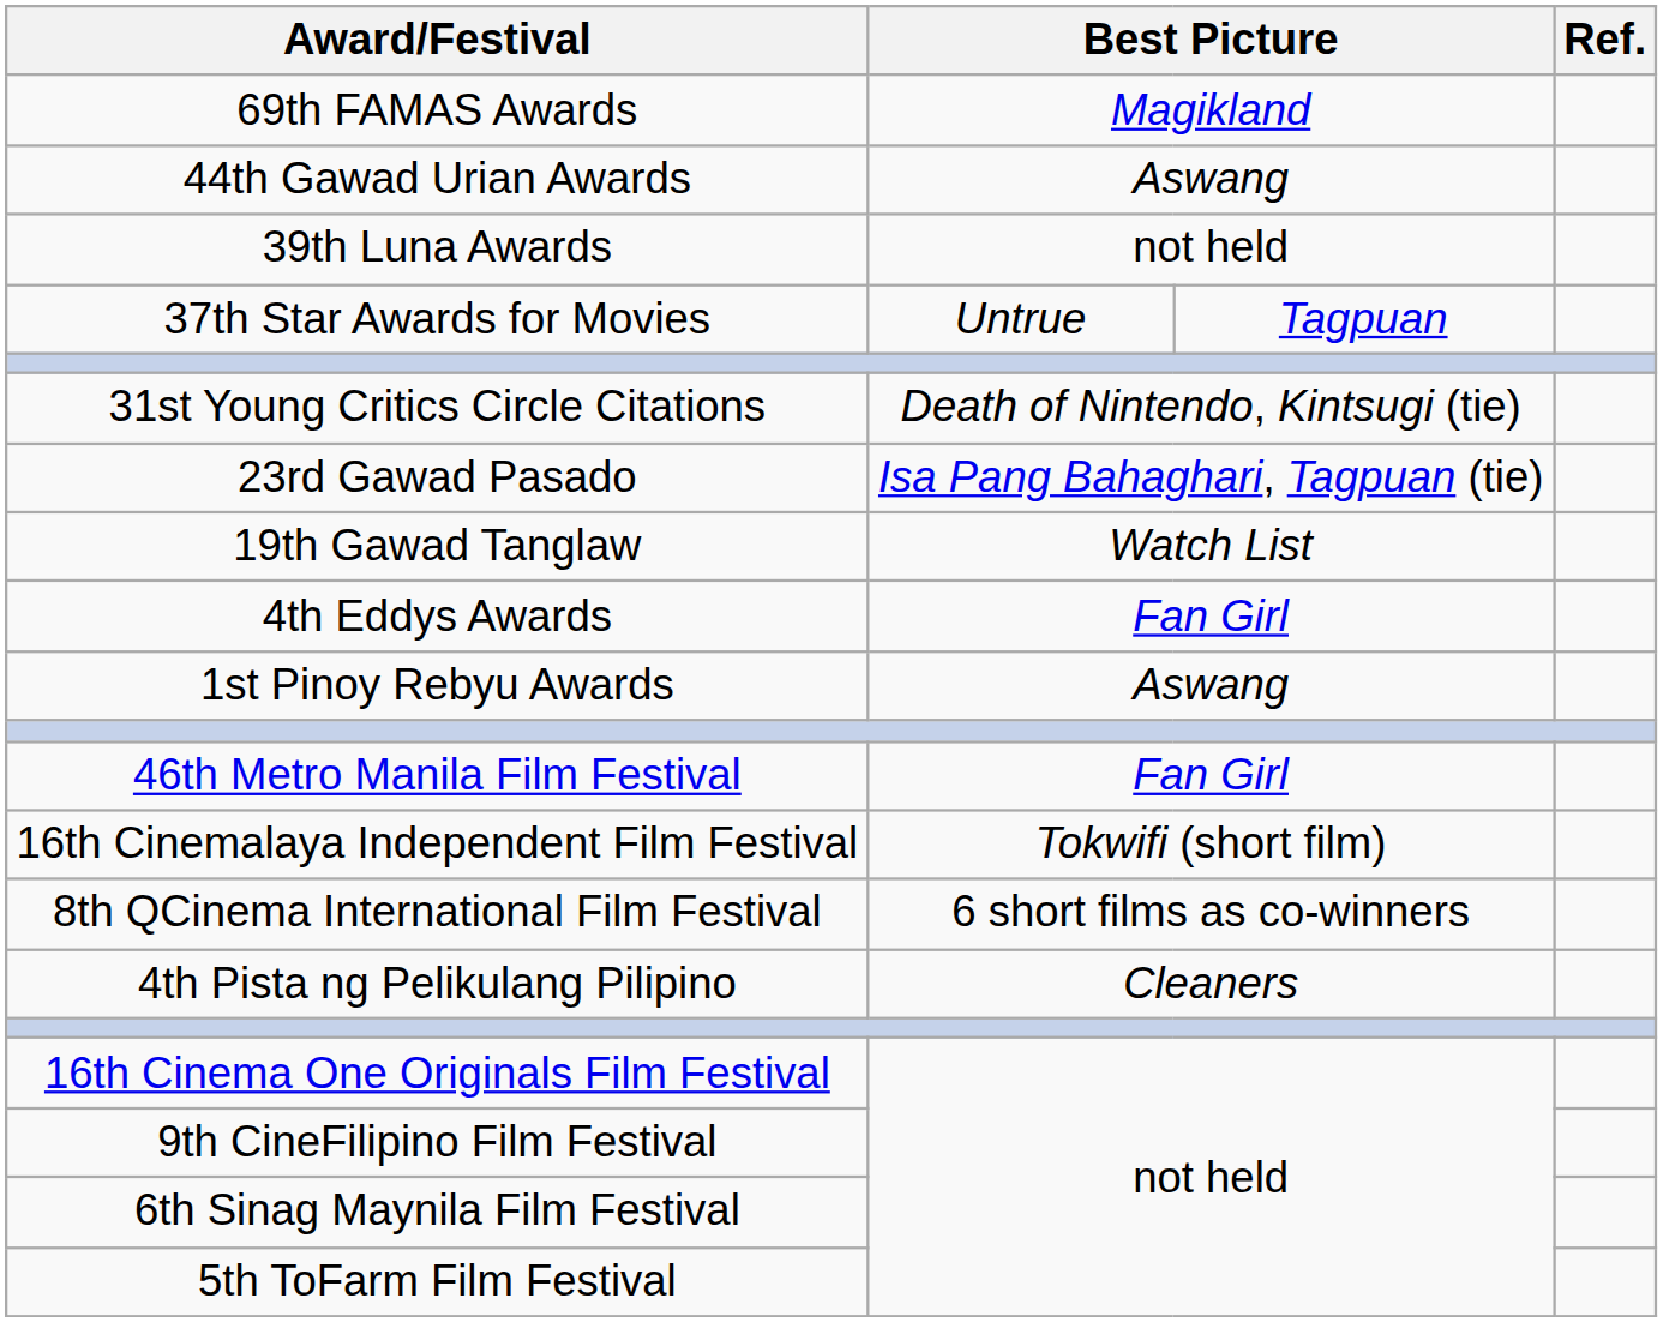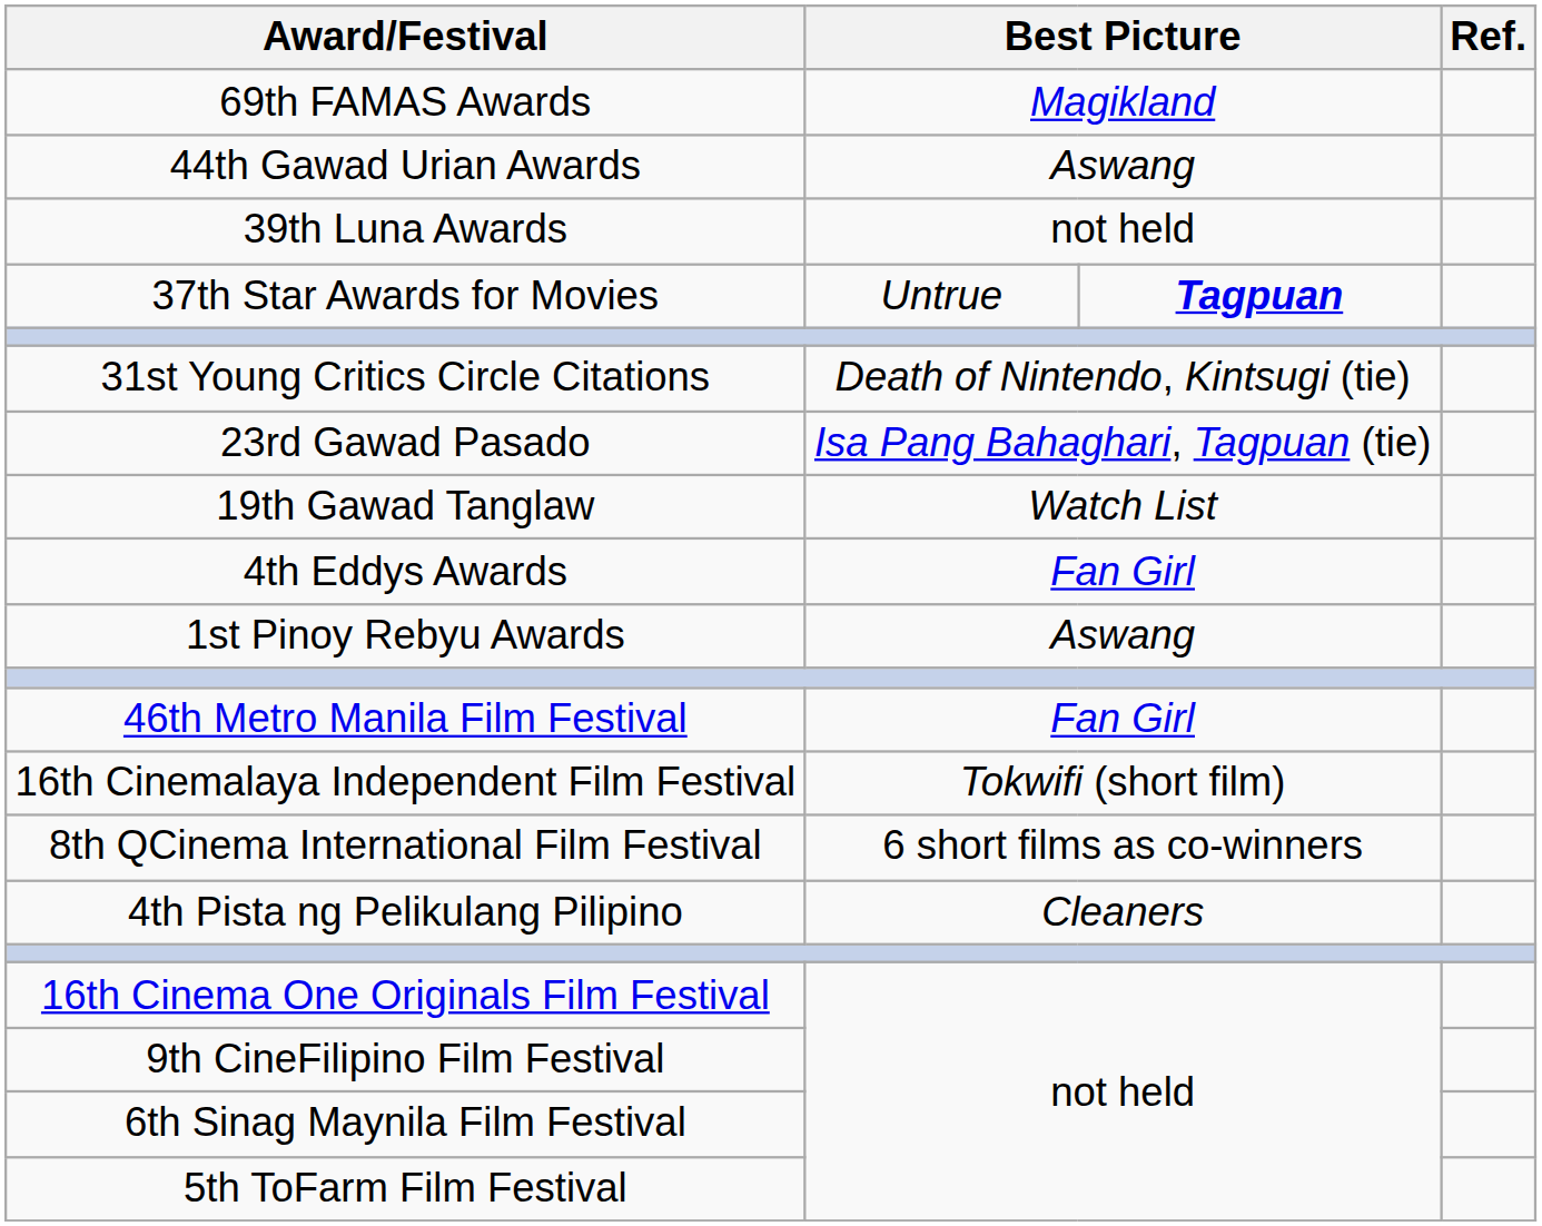 <table class="wikitable"  style="text-align:center">
 <tr>
 <th>Award/Festival</th>
 <th colspan=2>Best Picture</th>
 <th>Ref.</th>
 </tr>
 <tr>
 <td>69th FAMAS Awards</td>
 <td colspan=2><em><a href='#'>Magikland</a></em></td>
 <td></td>
 </tr>
 <tr>
 <td>44th Gawad Urian Awards</td>
 <td colspan=2><em>Aswang</em></td>
 <td></td>
 </tr>
 <tr>
 <td>39th Luna Awards</td>
 <td colspan=2>not held</td>
 </tr>
 <tr>
 <td>37th Star Awards for Movies</td>
 <td><em>Untrue</em></td>
-<td><em><a href='#'>Tagpuan</a></em></td>
+<td><strong><em><a href='#'>Tagpuan</a></em></strong></td>
 <td></td>
 </tr>
 <tr>
 <td style="background:#c5d2ea; text-align:center;" colspan=4></td>
 </tr>
 <tr>
 <td>31st Young Critics Circle Citations</td>
 <td colspan=2><em>Death of Nintendo</em>, <em>Kintsugi</em> (tie)</td>
 <td></td>
 </tr>
 <tr>
 <td>23rd Gawad Pasado</td>
 <td colspan=2><em><a href='#'>Isa Pang Bahaghari</a></em>, <em><a href='#'>Tagpuan</a></em> (tie)</td>
 <td></td>
 </tr>
 <tr>
 <td>19th Gawad Tanglaw</td>
 <td colspan=2><em>Watch List</em></td>
 <td></td>
 </tr>
 <tr>
 <td>4th Eddys Awards</td>
 <td colspan=2><em><a href='#'>Fan Girl</a></em></td>
 <td></td>
 </tr>
 <tr>
 <td>1st Pinoy Rebyu Awards</td>
 <td colspan=2><em>Aswang</em></td>
 <td></td>
 </tr>
 <tr>
 <td style="background:#c5d2ea; text-align:center;" colspan=4></td>
 </tr>
 <tr>
 <td><a href='#'>46th Metro Manila Film Festival</a></td>
 <td colspan=2><em><a href='#'>Fan Girl</a></em></td>
 <td></td>
 </tr>
 <tr>
 <td>16th Cinemalaya Independent Film Festival</td>
 <td colspan=2><em>Tokwifi</em> (short film)</td>
 <td></td>
 </tr>
 <tr>
 <td>8th QCinema International Film Festival</td>
 <td colspan=2>6 short films as co-winners</td>
 <td></td>
 </tr>
 <tr>
 <td>4th Pista ng Pelikulang Pilipino</td>
 <td colspan=2><em>Cleaners</em></td>
 <td></td>
 </tr>
 <tr>
 <td style="background:#c5d2ea; text-align:center;" colspan=4></td>
 </tr>
 <tr>
 <td><a href='#'>16th Cinema One Originals Film Festival</a></td>
 <td colspan=2 rowspan=4>not held</td>
 <td></td>
 </tr>
 <tr>
 <td>9th CineFilipino Film Festival</td>
 <td colspan=2></td>
 </tr>
 <tr>
 <td>6th Sinag Maynila Film Festival</td>
 <td colspan=2></td>
 </tr>
 <tr>
 <td>5th ToFarm Film Festival</td>
 <td colspan=2></td>
 </tr>
 </table>
